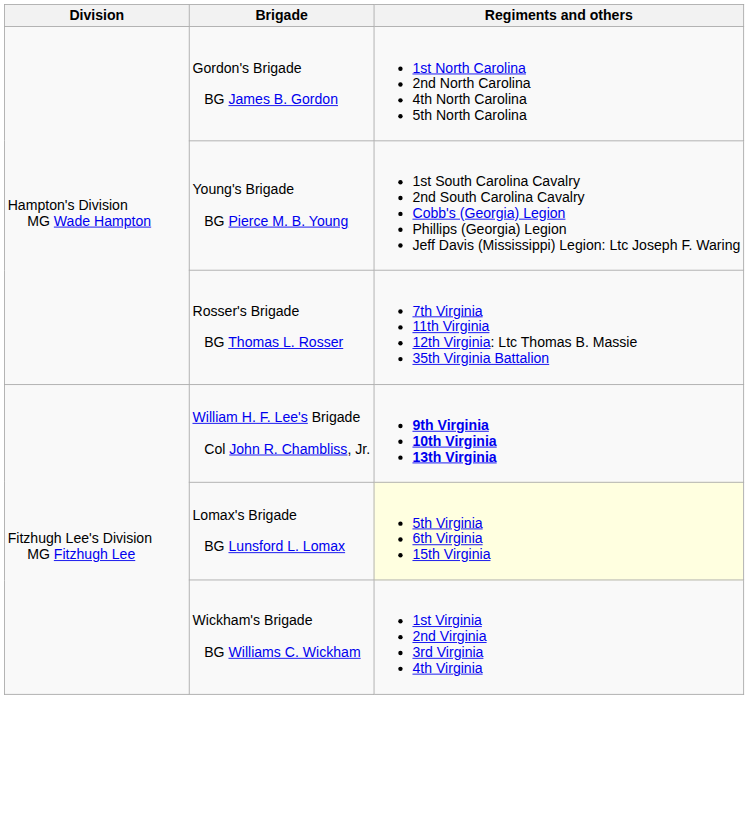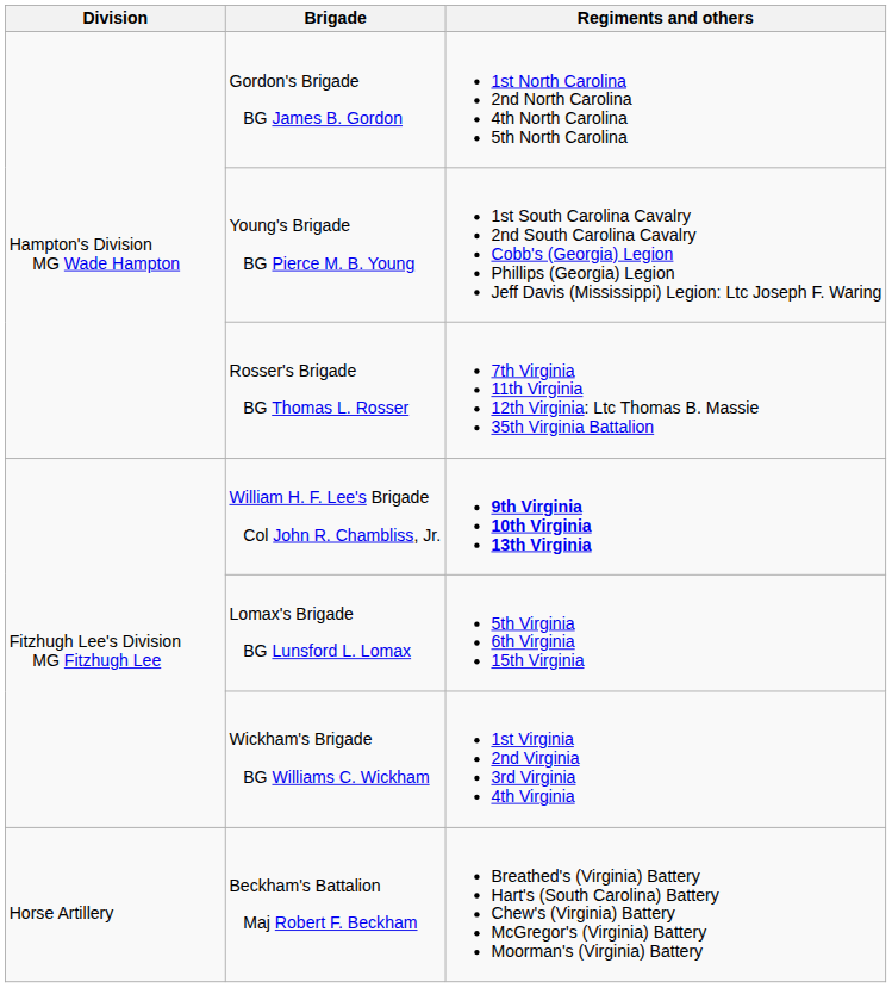 <table class="wikitable">
 <tr>
 <th width=25%>Division</th>
 <th width=25%>Brigade</th>
 <th>Regiments and others</th>
 </tr>
 <tr>
 <td rowspan=3><br>Hampton's Division <br>     MG <a href='#'>Wade Hampton</a></td>
 <td>Gordon's Brigade<br><br>   BG <a href='#'>James B. Gordon</a></td>
 <td><br><ul><li><a href='#'>1st North Carolina</a></li><li>2nd North Carolina</li><li>4th North Carolina</li><li>5th North Carolina</li></ul></td>
 </tr>
 <tr>
 <td>Young's Brigade<br><br>   BG <a href='#'>Pierce M. B. Young</a></td>
 <td><br><ul><li>1st South Carolina Cavalry</li><li>2nd South Carolina Cavalry</li><li><a href='#'>Cobb's (Georgia) Legion</a></li><li>Phillips (Georgia) Legion</li><li>Jeff Davis (Mississippi) Legion: Ltc Joseph F. Waring</li></ul></td>
 </tr>
 <tr>
 <td>Rosser's Brigade<br><br>   BG <a href='#'>Thomas L. Rosser</a></td>
 <td><br><ul><li><a href='#'>7th Virginia</a></li><li><a href='#'>11th Virginia</a></li><li><a href='#'>12th Virginia</a>: Ltc Thomas B. Massie</li><li><a href='#'>35th Virginia Battalion</a></li></ul></td>
 </tr>
 <tr>
 <td rowspan=3><br>Fitzhugh Lee's Division <br>     MG <a href='#'>Fitzhugh Lee</a></td>
 <td><a href='#'>William H. F. Lee's</a> Brigade<br><br>   Col <a href='#'>John R. Chambliss</a>, Jr.</td>
 <td><strong><br><ul><li><a href='#'>9th Virginia</a></li><li><a href='#'>10th Virginia</a></li><li><a href='#'>13th Virginia</a></li></ul></strong></td>
 </tr>
 <tr>
 <td>Lomax's Brigade<br><br>   BG <a href='#'>Lunsford L. Lomax</a></td>
-<td style="background: lightyellow;"><br><ul><li><a href='#'>5th Virginia</a></li><li><a href='#'>6th Virginia</a></li><li><a href='#'>15th Virginia</a></li></ul></td>
+<td><br><ul><li><a href='#'>5th Virginia</a></li><li><a href='#'>6th Virginia</a></li><li><a href='#'>15th Virginia</a></li></ul></td>
 </tr>
 <tr>
 <td>Wickham's Brigade<br><br>   BG <a href='#'>Williams C. Wickham</a></td>
 <td><br><ul><li><a href='#'>1st Virginia</a></li><li><a href='#'>2nd Virginia</a></li><li><a href='#'>3rd Virginia</a></li><li><a href='#'>4th Virginia</a></li></ul></td>
 </tr>
+<tr>
+<td rowspan=1><br>Horse Artillery</td>
+<td>Beckham's Battalion<br><br>   Maj <a href='#'>Robert F. Beckham</a></td>
+<td><br><ul><li>Breathed's (Virginia) Battery</li><li>Hart's (South Carolina) Battery</li><li>Chew's (Virginia) Battery</li><li>McGregor's (Virginia) Battery</li><li>Moorman's (Virginia) Battery</li></ul></td>
+</tr>
 </table>
